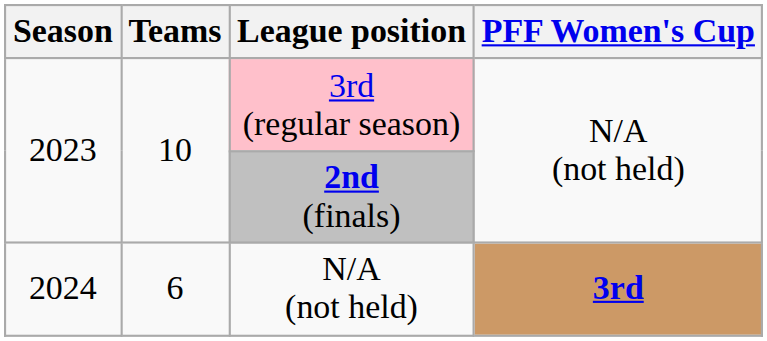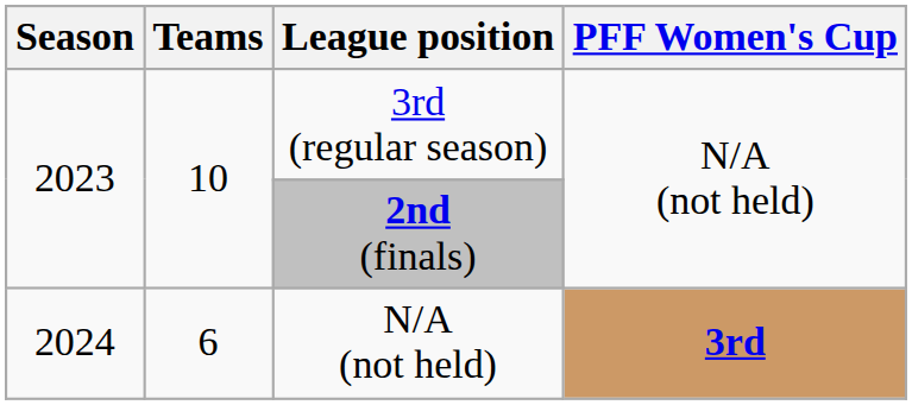 <table class="wikitable" style="text-align:center">
 <tr bgcolor="#efefef">
 <th>Season</th>
 <th>Teams</th>
 <th>League position</th>
 <th><a href='#'>PFF Women's Cup</a></th>
 </tr>
 <tr>
 <td rowspan=2>2023</td>
 <td rowspan=2>10</td>
-<td style="background: pink; text-align:center;"><a href='#'>3rd</a><br>(regular season)</td>
+<td style="text-align:center;"><a href='#'>3rd</a><br>(regular season)</td>
 <td rowspan=2>N/A<br>(not held)</td>
 </tr>
 <tr>
 <td bgcolor=silver style="text-align:center;"><strong><a href='#'>2nd</a></strong><br>(finals)</td>
 </tr>
 <tr>
 <td>2024</td>
 <td>6</td>
 <td>N/A<br>(not held)</td>
 <td bgcolor=#c96><strong><a href='#'>3rd</a></strong></td>
 </tr>
 </table>
